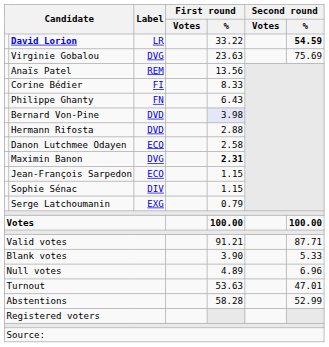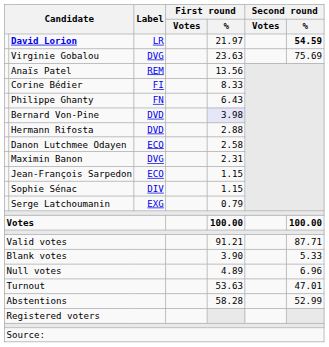 <table class="wikitable" style="text-align:right;font-size:95%;">
 <tr>
 <th colspan="2" rowspan="2">Candidate</th>
 <th rowspan="2">Label</th>
 <th colspan="2">First round</th>
 <th colspan="2">Second round</th>
 </tr>
 <tr>
 <th style="width:50px;">Votes</th>
 <th style="width:45px;">%</th>
 <th style="width:50px;">Votes</th>
 <th style="width:45px;">%</th>
 </tr>
 <tr>
 <td style="color:inherit;background:"></td>
 <td style="text-align:left;"><strong><a href='#'>David Lorion</a></strong></td>
 <td><a href='#'>LR</a></td>
 <td></td>
-<td>33.22</td>
+<td>21.97</td>
 <td><strong></strong></td>
 <td><strong>54.59</strong></td>
 </tr>
 <tr>
 <td style="color:inherit;background:"></td>
 <td style="text-align:left;">Virginie Gobalou</td>
 <td><a href='#'>DVG</a></td>
 <td></td>
 <td>23.63</td>
 <td></td>
 <td>75.69</td>
 </tr>
 <tr>
 <td style="color:inherit;background:"></td>
 <td style="text-align:left;">Anaïs Patel</td>
 <td><a href='#'>REM</a></td>
 <td></td>
 <td>13.56</td>
 <td colspan="2" rowspan="10" style="background:#E9E9E9;"></td>
 </tr>
 <tr>
 <td style="color:inherit;background:"></td>
 <td style="text-align:left;">Corine Bédier</td>
 <td><a href='#'>FI</a></td>
 <td></td>
 <td>8.33</td>
 </tr>
 <tr>
 <td style="color:inherit;background:"></td>
 <td style="text-align:left;">Philippe Ghanty</td>
 <td><a href='#'>FN</a></td>
 <td></td>
 <td>6.43</td>
 </tr>
 <tr>
 <td style="color:inherit;background:"></td>
 <td style="text-align:left;">Bernard Von-Pine</td>
 <td><a href='#'>DVD</a></td>
 <td></td>
 <td style="background: lavender;">3.98</td>
 </tr>
 <tr>
 <td style="color:inherit;background:"></td>
 <td style="text-align:left;">Hermann Rifosta</td>
 <td><a href='#'>DVD</a></td>
 <td></td>
 <td>2.88</td>
 </tr>
 <tr>
 <td style="color:inherit;background:"></td>
 <td style="text-align:left;">Danon Lutchmee Odayen</td>
 <td><a href='#'>ECO</a></td>
 <td></td>
 <td>2.58</td>
 </tr>
 <tr>
 <td style="color:inherit;background:"></td>
 <td style="text-align:left;">Maximin Banon</td>
 <td><a href='#'>DVG</a></td>
 <td></td>
-<td><strong>2.31</strong></td>
+<td>2.31</td>
 </tr>
 <tr>
 <td style="color:inherit;background:"></td>
 <td style="text-align:left;">Jean-François Sarpedon</td>
 <td><a href='#'>ECO</a></td>
 <td></td>
 <td>1.15</td>
 </tr>
 <tr>
 <td style="color:inherit;background:"></td>
 <td style="text-align:left;">Sophie Sénac</td>
 <td><a href='#'>DIV</a></td>
 <td></td>
 <td>1.15</td>
 </tr>
 <tr>
 <td style="color:inherit;background:"></td>
 <td style="text-align:left;">Serge Latchoumanin</td>
 <td><a href='#'>EXG</a></td>
 <td></td>
 <td>0.79</td>
 </tr>
 <tr>
 <td colspan="7" style="background:#E9E9E9;"></td>
 </tr>
 <tr style="font-weight:bold;">
 <td colspan="3" style="text-align:left;">Votes</td>
 <td></td>
 <td>100.00</td>
 <td></td>
 <td>100.00</td>
 </tr>
 <tr>
 <td colspan="7" style="background:#E9E9E9;"></td>
 </tr>
 <tr>
 <td colspan="3" style="text-align:left;">Valid votes</td>
 <td></td>
 <td>91.21</td>
 <td></td>
 <td>87.71</td>
 </tr>
 <tr>
 <td colspan="3" style="text-align:left;">Blank votes</td>
 <td></td>
 <td>3.90</td>
 <td></td>
 <td>5.33</td>
 </tr>
 <tr>
 <td colspan="3" style="text-align:left;">Null votes</td>
 <td></td>
 <td>4.89</td>
 <td></td>
 <td>6.96</td>
 </tr>
 <tr>
 <td colspan="3" style="text-align:left;">Turnout</td>
 <td></td>
 <td>53.63</td>
 <td></td>
 <td>47.01</td>
 </tr>
 <tr>
 <td colspan="3" style="text-align:left;">Abstentions</td>
 <td></td>
 <td>58.28</td>
 <td></td>
 <td>52.99</td>
 </tr>
 <tr>
 <td colspan="3" style="text-align:left;">Registered voters</td>
 <td></td>
 <td style="background:#E9E9E9;"></td>
 <td></td>
 <td style="background:#E9E9E9;"></td>
 </tr>
 <tr>
 <td colspan="7" style="background:#E9E9E9;"></td>
 </tr>
 <tr>
 <td colspan="7" style="text-align:left;">Source: </td>
 </tr>
 </table>
